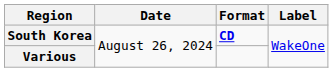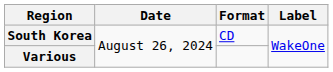 <table class="wikitable plainrowheaders">
 <tr>
 <th scope="col">Region</th>
 <th scope="col">Date</th>
 <th scope="col">Format</th>
 <th scope="col">Label</th>
 </tr>
 <tr>
 <th scope="row">South Korea</th>
 <td rowspan="2">August 26, 2024</td>
-<td><strong><a href='#'>CD</a></strong></td>
+<td><a href='#'>CD</a></td>
 <td rowspan="2"><a href='#'>WakeOne</a></td>
 </tr>
 <tr>
 <th scope="row">Various</th>
 <td></td>
 </tr>
 </table>
